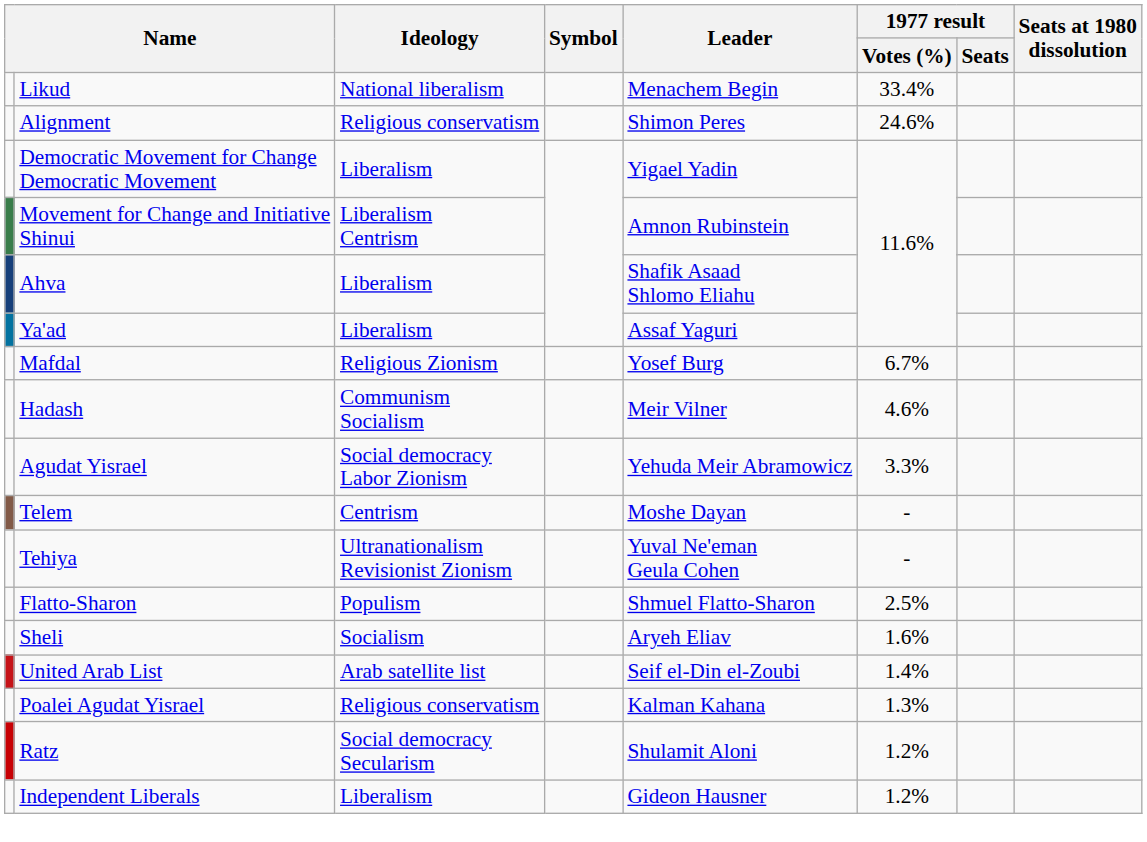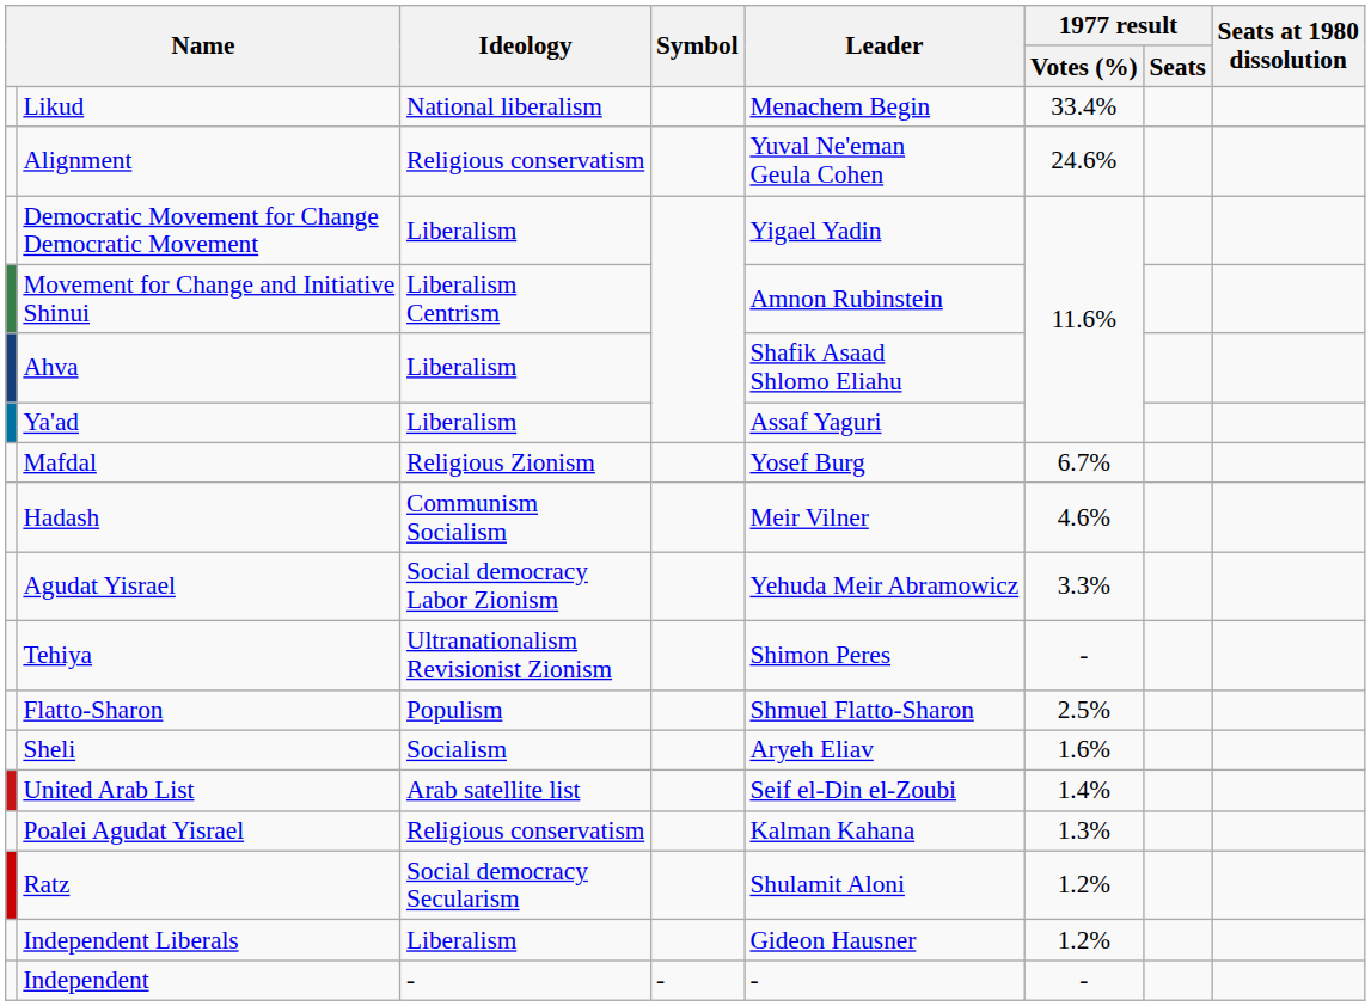 <table class="wikitable">
 <tr>
 <th rowspan="2" colspan=2>Name</th>
 <th rowspan="2">Ideology</th>
 <th rowspan="2">Symbol</th>
 <th rowspan="2">Leader</th>
 <th colspan="2">1977 result</th>
 <th rowspan="2">Seats at 1980<br>dissolution</th>
 </tr>
 <tr>
 <th>Votes (%)</th>
 <th>Seats</th>
 </tr>
 <tr>
 <td style="background:"></td>
 <td><a href='#'>Likud</a></td>
 <td><a href='#'>National liberalism</a></td>
 <td></td>
 <td><a href='#'>Menachem Begin</a></td>
 <td style="text-align:center;" rowspan=1>33.4%</td>
 <td></td>
 <td></td>
 </tr>
 <tr>
 <td style="background:"></td>
 <td><a href='#'>Alignment</a></td>
 <td><a href='#'>Religious conservatism</a></td>
 <td></td>
-<td><a href='#'>Shimon Peres</a></td>
+<td><a href='#'>Yuval Ne'eman</a><br><a href='#'>Geula Cohen</a></td>
 <td style="text-align:center;">24.6%</td>
 <td></td>
 <td></td>
 </tr>
 <tr>
 <td style="background:"></td>
 <td><a href='#'>Democratic Movement for Change</a> <br> <a href='#'>Democratic Movement</a></td>
 <td><a href='#'>Liberalism</a></td>
 <td rowspan=4></td>
 <td><a href='#'>Yigael Yadin</a></td>
 <td style="text-align:center;" rowspan=4>11.6%</td>
 <td></td>
 <td></td>
 </tr>
 <tr>
 <td style="background:#397D4A;"></td>
 <td><a href='#'>Movement for Change and Initiative</a><br><a href='#'>Shinui</a></td>
 <td><a href='#'>Liberalism</a><br><a href='#'>Centrism</a></td>
 <td><a href='#'>Amnon Rubinstein</a></td>
 <td></td>
 <td></td>
 </tr>
 <tr>
 <td style="background:#163F7A;"></td>
 <td><a href='#'>Ahva</a></td>
 <td><a href='#'>Liberalism</a></td>
 <td><a href='#'>Shafik Asaad</a><br><a href='#'>Shlomo Eliahu</a></td>
 <td></td>
 <td></td>
 </tr>
 <tr>
 <td style="background:#0272A0;"></td>
 <td><a href='#'>Ya'ad</a></td>
 <td><a href='#'>Liberalism</a></td>
 <td><a href='#'>Assaf Yaguri</a></td>
 <td></td>
 <td></td>
 </tr>
 <tr>
 <td style="background:"></td>
 <td><a href='#'>Mafdal</a></td>
 <td><a href='#'>Religious Zionism</a></td>
 <td></td>
 <td><a href='#'>Yosef Burg</a></td>
 <td style="text-align:center;">6.7%</td>
 <td></td>
 <td></td>
 </tr>
 <tr>
 <td style="background:"></td>
 <td><a href='#'>Hadash</a></td>
 <td><a href='#'>Communism</a><br><a href='#'>Socialism</a></td>
 <td></td>
 <td><a href='#'>Meir Vilner</a></td>
 <td style="text-align:center;">4.6%</td>
 <td></td>
 <td></td>
 </tr>
 <tr>
 <td style="background:"></td>
 <td><a href='#'>Agudat Yisrael</a></td>
 <td><a href='#'>Social democracy</a><br><a href='#'>Labor Zionism</a></td>
 <td></td>
 <td><a href='#'>Yehuda Meir Abramowicz</a></td>
 <td style="text-align:center;">3.3%</td>
 <td></td>
 <td></td>
 </tr>
 <tr>
-<td style="background:#825A47;"></td>
-<td><a href='#'>Telem</a></td>
-<td><a href='#'>Centrism</a></td>
-<td></td>
-<td><a href='#'>Moshe Dayan</a></td>
-<td style="text-align:center;">-</td>
-<td></td>
-<td></td>
-</tr>
-<tr>
 <td style="background:"></td>
 <td><a href='#'>Tehiya</a></td>
 <td><a href='#'>Ultranationalism</a><br><a href='#'>Revisionist Zionism</a></td>
 <td></td>
-<td><a href='#'>Yuval Ne'eman</a><br><a href='#'>Geula Cohen</a></td>
+<td><a href='#'>Shimon Peres</a></td>
 <td style="text-align:center;">-</td>
 <td></td>
 <td></td>
 </tr>
 <tr>
 <td style="background:"></td>
 <td><a href='#'>Flatto-Sharon</a></td>
 <td><a href='#'>Populism</a></td>
 <td></td>
 <td><a href='#'>Shmuel Flatto-Sharon</a></td>
 <td style="text-align:center;">2.5%</td>
 <td></td>
 <td></td>
 </tr>
 <tr>
 <td style="background:"></td>
 <td><a href='#'>Sheli</a></td>
 <td><a href='#'>Socialism</a></td>
 <td></td>
 <td><a href='#'>Aryeh Eliav</a></td>
 <td style="text-align:center;">1.6%</td>
 <td></td>
 <td></td>
 </tr>
 <tr>
 <td style="background:#C61318;"></td>
 <td><a href='#'>United Arab List</a></td>
 <td><a href='#'>Arab satellite list</a></td>
 <td></td>
 <td><a href='#'>Seif el-Din el-Zoubi</a></td>
 <td style="text-align:center;">1.4%</td>
 <td></td>
 <td></td>
 </tr>
 <tr>
 <td style="background:"></td>
 <td><a href='#'>Poalei Agudat Yisrael</a></td>
 <td><a href='#'>Religious conservatism</a></td>
 <td></td>
 <td><a href='#'>Kalman Kahana</a></td>
 <td style="text-align:center;">1.3%</td>
 <td></td>
 <td></td>
 </tr>
 <tr>
 <td style="background:#C80004;"></td>
 <td><a href='#'>Ratz</a></td>
 <td><a href='#'>Social democracy</a><br><a href='#'>Secularism</a></td>
 <td></td>
 <td><a href='#'>Shulamit Aloni</a></td>
 <td style="text-align:center;">1.2%</td>
 <td></td>
 <td></td>
 </tr>
 <tr>
 <td style="background:"></td>
 <td><a href='#'>Independent Liberals</a></td>
 <td><a href='#'>Liberalism</a></td>
 <td></td>
 <td><a href='#'>Gideon Hausner</a></td>
 <td style="text-align:center;">1.2%</td>
 <td></td>
 <td></td>
 </tr>
+<tr>
+<td style="background:"></td>
+<td><a href='#'>Independent</a></td>
+<td>-</td>
+<td>-</td>
+<td>-</td>
+<td style="text-align:center;">-</td>
+<td></td>
+<td></td>
+</tr>
 </table>
